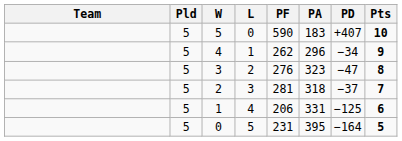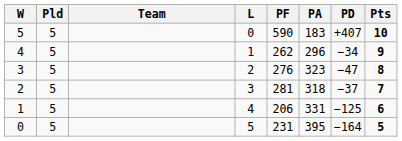 <table class=wikitable style="text-align:center">
 <tr>
+<th width=30>W</th>
+<th width=30>Pld</th>
 <th width=180>Team</th>
-<th width=30>Pld</th>
-<th width=30>W</th>
 <th width=30>L</th>
 <th width=30>PF</th>
 <th width=30>PA</th>
 <th width=30>PD</th>
 <th width=30>Pts</th>
 </tr>
 <tr>
-<td align="left"></td>
 <td>5</td>
 <td>5</td>
+<td align="left"></td>
 <td>0</td>
 <td>590</td>
 <td>183</td>
 <td>+407</td>
 <td><strong>10</strong></td>
 </tr>
 <tr>
+<td>4</td>
+<td>5</td>
 <td align="left"></td>
-<td>5</td>
-<td>4</td>
 <td>1</td>
 <td>262</td>
 <td>296</td>
 <td>−34</td>
 <td><strong>9</strong></td>
 </tr>
 <tr>
+<td>3</td>
+<td>5</td>
 <td align="left"></td>
-<td>5</td>
-<td>3</td>
 <td>2</td>
 <td>276</td>
 <td>323</td>
 <td>−47</td>
 <td><strong>8</strong></td>
 </tr>
 <tr>
+<td>2</td>
+<td>5</td>
 <td align="left"></td>
-<td>5</td>
-<td>2</td>
 <td>3</td>
 <td>281</td>
 <td>318</td>
 <td>−37</td>
 <td><strong>7</strong></td>
 </tr>
 <tr>
+<td>1</td>
+<td>5</td>
 <td align="left"></td>
-<td>5</td>
-<td>1</td>
 <td>4</td>
 <td>206</td>
 <td>331</td>
 <td>−125</td>
 <td><strong>6</strong></td>
 </tr>
 <tr>
+<td>0</td>
+<td>5</td>
 <td align="left"></td>
-<td>5</td>
-<td>0</td>
 <td>5</td>
 <td>231</td>
 <td>395</td>
 <td>−164</td>
 <td><strong>5</strong></td>
 </tr>
 </table>
